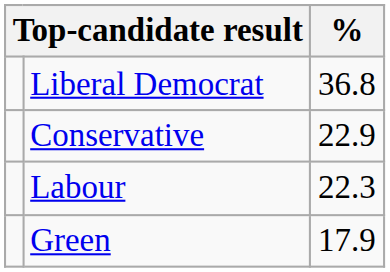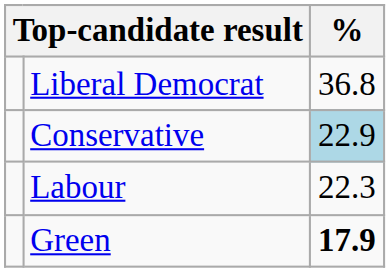 <table class="wikitable">
 <tr>
 <th colspan="2">Top-candidate result</th>
 <th>%</th>
 </tr>
 <tr>
 <td style="background-color: "></td>
 <td><a href='#'>Liberal Democrat</a></td>
 <td>36.8</td>
 </tr>
 <tr>
 <td style="background-color: "></td>
 <td><a href='#'>Conservative</a></td>
-<td>22.9</td>
+<td style="background: lightblue;">22.9</td>
 </tr>
 <tr>
 <td style="background-color: "></td>
 <td><a href='#'>Labour</a></td>
 <td>22.3</td>
 </tr>
 <tr>
 <td style="background-color: "></td>
 <td><a href='#'>Green</a></td>
-<td>17.9</td>
+<td><strong>17.9</strong></td>
 </tr>
 </table>
